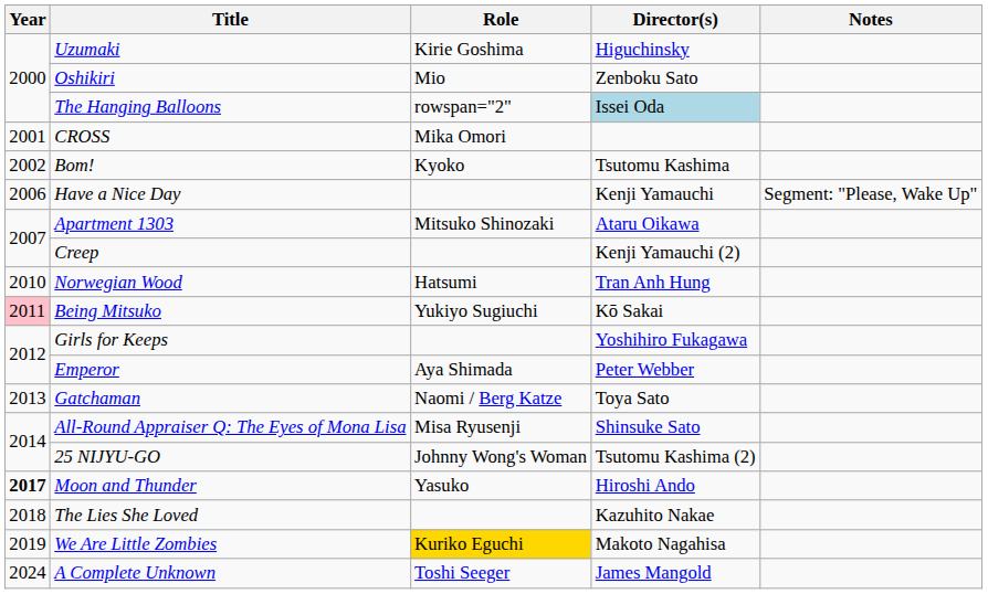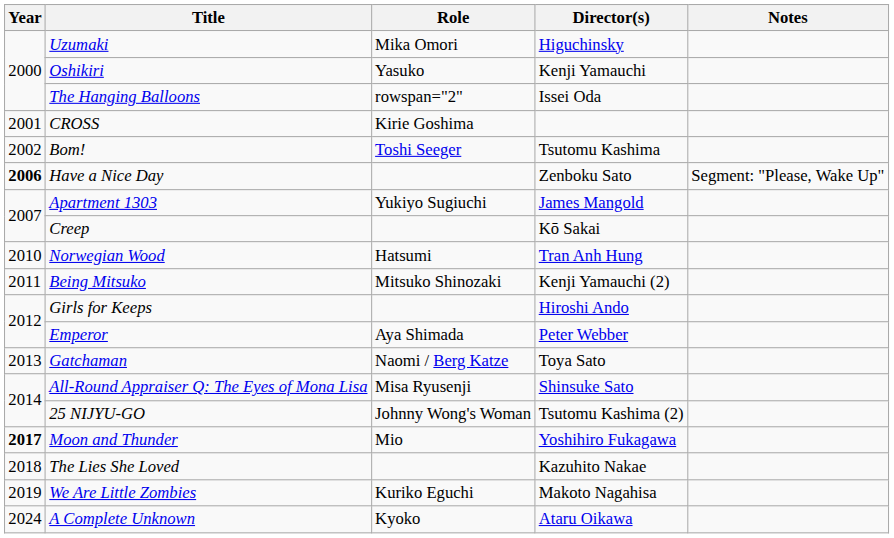 <table class="wikitable sortable">
 <tr>
 <th>Year</th>
 <th>Title</th>
 <th>Role</th>
 <th>Director(s)</th>
 <th>Notes</th>
 </tr>
 <tr>
 <td rowspan="3">2000</td>
 <td><em><a href='#'>Uzumaki</a></em></td>
-<td>Kirie Goshima</td>
+<td>Mika Omori</td>
 <td><a href='#'>Higuchinsky</a></td>
 <td></td>
 </tr>
 <tr>
 <td><em><a href='#'>Oshikiri</a></em></td>
-<td>Mio</td>
-<td>Zenboku Sato</td>
+<td>Yasuko</td>
+<td>Kenji Yamauchi</td>
 <td></td>
 </tr>
 <tr>
 <td><em><a href='#'>The Hanging Balloons</a></em></td>
 <td>rowspan="2" </td>
-<td style="background: lightblue;">Issei Oda</td>
+<td>Issei Oda</td>
 <td></td>
 </tr>
 <tr>
 <td>2001</td>
 <td><em>CROSS</em></td>
-<td>Mika Omori</td>
+<td>Kirie Goshima</td>
 <td></td>
 </tr>
 <tr>
 <td>2002</td>
 <td><em>Bom!</em></td>
-<td>Kyoko</td>
+<td><a href='#'>Toshi Seeger</a></td>
 <td>Tsutomu Kashima</td>
 <td></td>
 </tr>
 <tr>
-<td>2006</td>
+<td><strong>2006</strong></td>
 <td><em>Have a Nice Day</em></td>
 <td></td>
-<td>Kenji Yamauchi</td>
+<td>Zenboku Sato</td>
 <td>Segment: "Please, Wake Up"</td>
 </tr>
 <tr>
 <td rowspan="2">2007</td>
 <td><em><a href='#'>Apartment 1303</a></em></td>
-<td>Mitsuko Shinozaki</td>
-<td><a href='#'>Ataru Oikawa</a></td>
+<td>Yukiyo Sugiuchi</td>
+<td><a href='#'>James Mangold</a></td>
 <td></td>
 </tr>
 <tr>
 <td><em>Creep</em></td>
 <td></td>
-<td>Kenji Yamauchi (2)</td>
+<td>Kō Sakai</td>
 <td></td>
 </tr>
 <tr>
 <td>2010</td>
 <td><em><a href='#'>Norwegian Wood</a></em></td>
 <td>Hatsumi</td>
 <td><a href='#'>Tran Anh Hung</a></td>
 <td></td>
 </tr>
 <tr>
-<td style="background: pink;">2011</td>
+<td>2011</td>
 <td><em><a href='#'>Being Mitsuko</a></em></td>
-<td>Yukiyo Sugiuchi</td>
-<td>Kō Sakai</td>
+<td>Mitsuko Shinozaki</td>
+<td>Kenji Yamauchi (2)</td>
 <td></td>
 </tr>
 <tr>
 <td rowspan="2">2012</td>
 <td><em>Girls for Keeps</em></td>
 <td></td>
-<td><a href='#'>Yoshihiro Fukagawa</a></td>
+<td><a href='#'>Hiroshi Ando</a></td>
 <td></td>
 </tr>
 <tr>
 <td><em><a href='#'>Emperor</a></em></td>
 <td>Aya Shimada</td>
 <td><a href='#'>Peter Webber</a></td>
 <td></td>
 </tr>
 <tr>
 <td>2013</td>
 <td><em><a href='#'>Gatchaman</a></em></td>
 <td>Naomi / <a href='#'>Berg Katze</a></td>
 <td>Toya Sato</td>
 <td></td>
 </tr>
 <tr>
 <td rowspan="2">2014</td>
 <td><em><a href='#'>All-Round Appraiser Q: The Eyes of Mona Lisa</a></em></td>
 <td>Misa Ryusenji</td>
 <td><a href='#'>Shinsuke Sato</a></td>
 <td></td>
 </tr>
 <tr>
 <td><em>25 NIJYU-GO</em></td>
 <td>Johnny Wong's Woman</td>
 <td>Tsutomu Kashima (2)</td>
 <td></td>
 </tr>
 <tr>
 <td><strong>2017</strong></td>
 <td><em><a href='#'>Moon and Thunder</a></em></td>
-<td>Yasuko</td>
-<td><a href='#'>Hiroshi Ando</a></td>
+<td>Mio</td>
+<td><a href='#'>Yoshihiro Fukagawa</a></td>
 <td></td>
 </tr>
 <tr>
 <td>2018</td>
 <td><em>The Lies She Loved</em></td>
 <td></td>
 <td>Kazuhito Nakae</td>
 <td></td>
 </tr>
 <tr>
 <td>2019</td>
 <td><em><a href='#'>We Are Little Zombies</a></em></td>
-<td style="background: gold;">Kuriko Eguchi</td>
+<td>Kuriko Eguchi</td>
 <td>Makoto Nagahisa</td>
 <td></td>
 </tr>
 <tr>
 <td>2024</td>
 <td><em><a href='#'>A Complete Unknown</a></em></td>
-<td><a href='#'>Toshi Seeger</a></td>
-<td><a href='#'>James Mangold</a></td>
+<td>Kyoko</td>
+<td><a href='#'>Ataru Oikawa</a></td>
 <td></td>
 </tr>
 </table>
